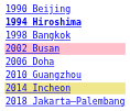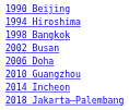 <table>
 <tr>
 <td><a href='#'>1990 Beijing</a></td>
 <td></td>
 <td></td>
 <td></td>
 </tr>
 <tr>
-<td><strong><a href='#'>1994 Hiroshima</a></strong></td>
+<td><a href='#'>1994 Hiroshima</a></td>
 <td></td>
 <td></td>
 <td></td>
 </tr>
 <tr>
 <td><a href='#'>1998 Bangkok</a></td>
 <td></td>
 <td></td>
 <td></td>
 </tr>
 <tr>
-<td style="background: pink;"><a href='#'>2002 Busan</a></td>
+<td><a href='#'>2002 Busan</a></td>
 <td></td>
 <td></td>
 <td></td>
 </tr>
 <tr>
 <td><a href='#'>2006 Doha</a></td>
 <td></td>
 <td></td>
 <td></td>
 </tr>
 <tr>
 <td><a href='#'>2010 Guangzhou</a></td>
 <td></td>
 <td></td>
 <td></td>
 </tr>
 <tr>
-<td style="background: khaki;"><a href='#'>2014 Incheon</a></td>
+<td><a href='#'>2014 Incheon</a></td>
 <td></td>
 <td></td>
 <td></td>
 </tr>
 <tr>
 <td><a href='#'>2018 Jakarta–Palembang</a></td>
 <td></td>
 <td></td>
 <td></td>
 </tr>
 </table>
